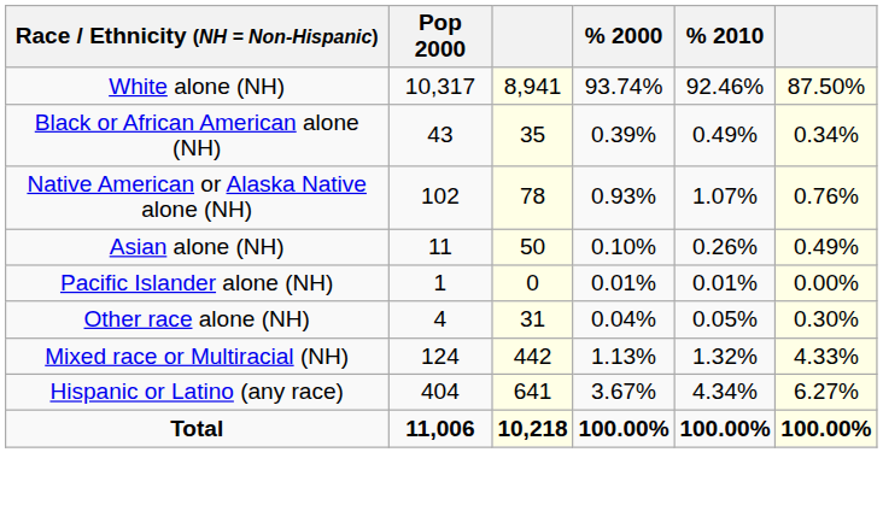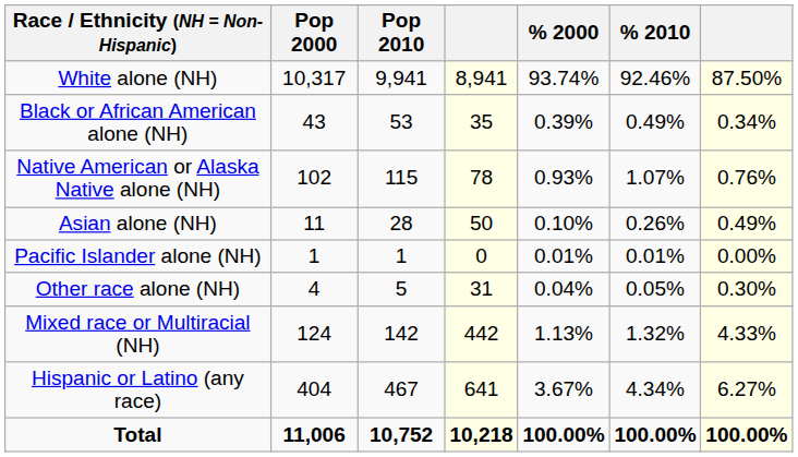 <table class="wikitable" style="text-align:center;">
 <tr>
 <th>Race / Ethnicity <small>(<em>NH = Non-Hispanic</em>)</small></th>
 <th>Pop 2000</th>
+<th>Pop 2010</th>
 <th></th>
 <th>% 2000</th>
 <th>% 2010</th>
 <th></th>
 </tr>
 <tr>
 <td><a href='#'>White</a> alone (NH)</td>
 <td>10,317</td>
+<td>9,941</td>
 <td style='background: #ffffe6;'>8,941</td>
 <td>93.74%</td>
 <td>92.46%</td>
 <td style='background: #ffffe6;'>87.50%</td>
 </tr>
 <tr>
 <td><a href='#'>Black or African American</a> alone (NH)</td>
 <td>43</td>
+<td>53</td>
 <td style='background: #ffffe6;'>35</td>
 <td>0.39%</td>
 <td>0.49%</td>
 <td style='background: #ffffe6;'>0.34%</td>
 </tr>
 <tr>
 <td><a href='#'>Native American</a> or <a href='#'>Alaska Native</a> alone (NH)</td>
 <td>102</td>
+<td>115</td>
 <td style='background: #ffffe6;'>78</td>
 <td>0.93%</td>
 <td>1.07%</td>
 <td style='background: #ffffe6;'>0.76%</td>
 </tr>
 <tr>
 <td><a href='#'>Asian</a> alone (NH)</td>
 <td>11</td>
+<td>28</td>
 <td style='background: #ffffe6;'>50</td>
 <td>0.10%</td>
 <td>0.26%</td>
 <td style='background: #ffffe6;'>0.49%</td>
 </tr>
 <tr>
 <td><a href='#'>Pacific Islander</a> alone (NH)</td>
+<td>1</td>
 <td>1</td>
 <td style='background: #ffffe6;'>0</td>
 <td>0.01%</td>
 <td>0.01%</td>
 <td style='background: #ffffe6;'>0.00%</td>
 </tr>
 <tr>
 <td><a href='#'>Other race</a> alone (NH)</td>
 <td>4</td>
+<td>5</td>
 <td style='background: #ffffe6;'>31</td>
 <td>0.04%</td>
 <td>0.05%</td>
 <td style='background: #ffffe6;'>0.30%</td>
 </tr>
 <tr>
 <td><a href='#'>Mixed race or Multiracial</a> (NH)</td>
 <td>124</td>
+<td>142</td>
 <td style='background: #ffffe6;'>442</td>
 <td>1.13%</td>
 <td>1.32%</td>
 <td style='background: #ffffe6;'>4.33%</td>
 </tr>
 <tr>
 <td><a href='#'>Hispanic or Latino</a> (any race)</td>
 <td>404</td>
+<td>467</td>
 <td style='background: #ffffe6;'>641</td>
 <td>3.67%</td>
 <td>4.34%</td>
 <td style='background: #ffffe6;'>6.27%</td>
 </tr>
 <tr>
 <td><strong>Total</strong></td>
 <td><strong>11,006</strong></td>
+<td><strong>10,752</strong></td>
 <td style='background: #ffffe6;'><strong>10,218</strong></td>
 <td><strong>100.00%</strong></td>
 <td><strong>100.00%</strong></td>
 <td style='background: #ffffe6;'><strong>100.00%</strong></td>
 </tr>
 </table>
